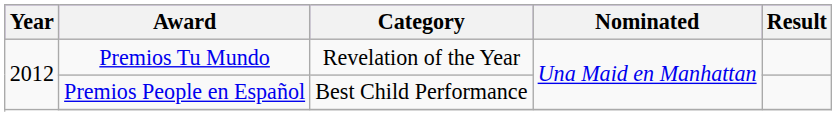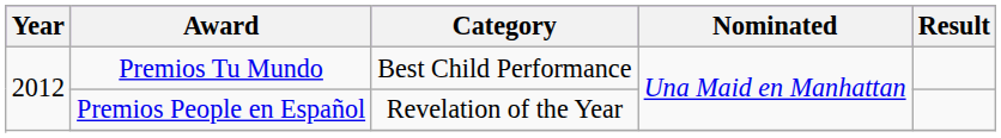 <table class="wikitable plainrowheaders" style="text-align:center;">
 <tr style="background:#96c;">
 <th scope="col">Year</th>
 <th scope="col">Award</th>
 <th scope="col">Category</th>
 <th scope="col">Nominated</th>
 <th scope="col">Result</th>
 </tr>
 <tr>
 <td scope="row" rowspan="5">2012</td>
 <td rowspan="1"><a href='#'>Premios Tu Mundo</a></td>
-<td scope="row">Revelation of the Year</td>
+<td scope="row">Best Child Performance</td>
 <td rowspan="2"><em><a href='#'>Una Maid en Manhattan</a></em></td>
 <td></td>
 </tr>
 <tr>
 <td rowspan="1"><a href='#'>Premios People en Español</a></td>
-<td scope="row">Best Child Performance</td>
+<td scope="row">Revelation of the Year</td>
 <td></td>
 </tr>
 <tr>
 </tr>
 </table>
